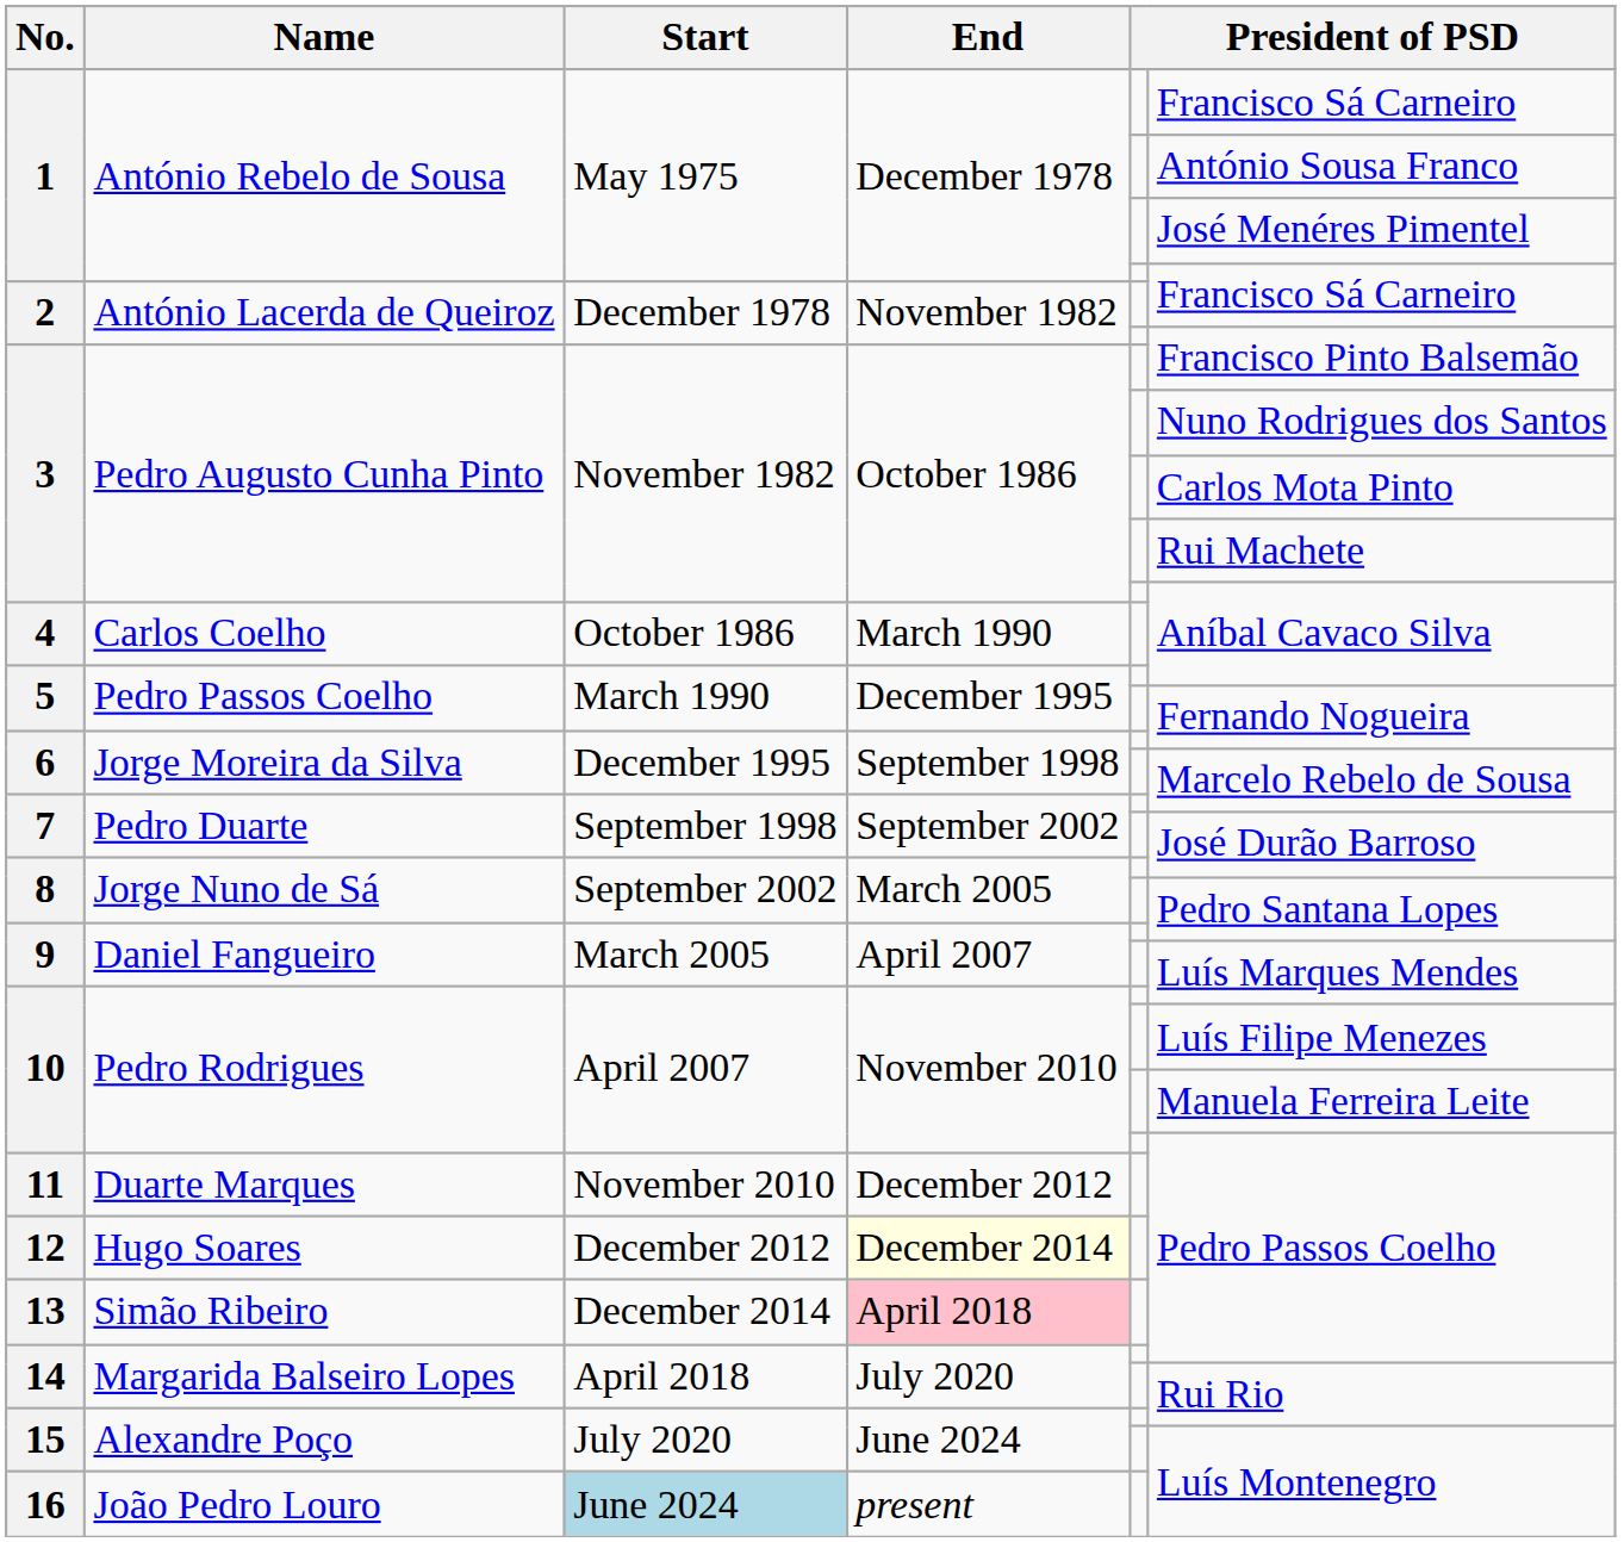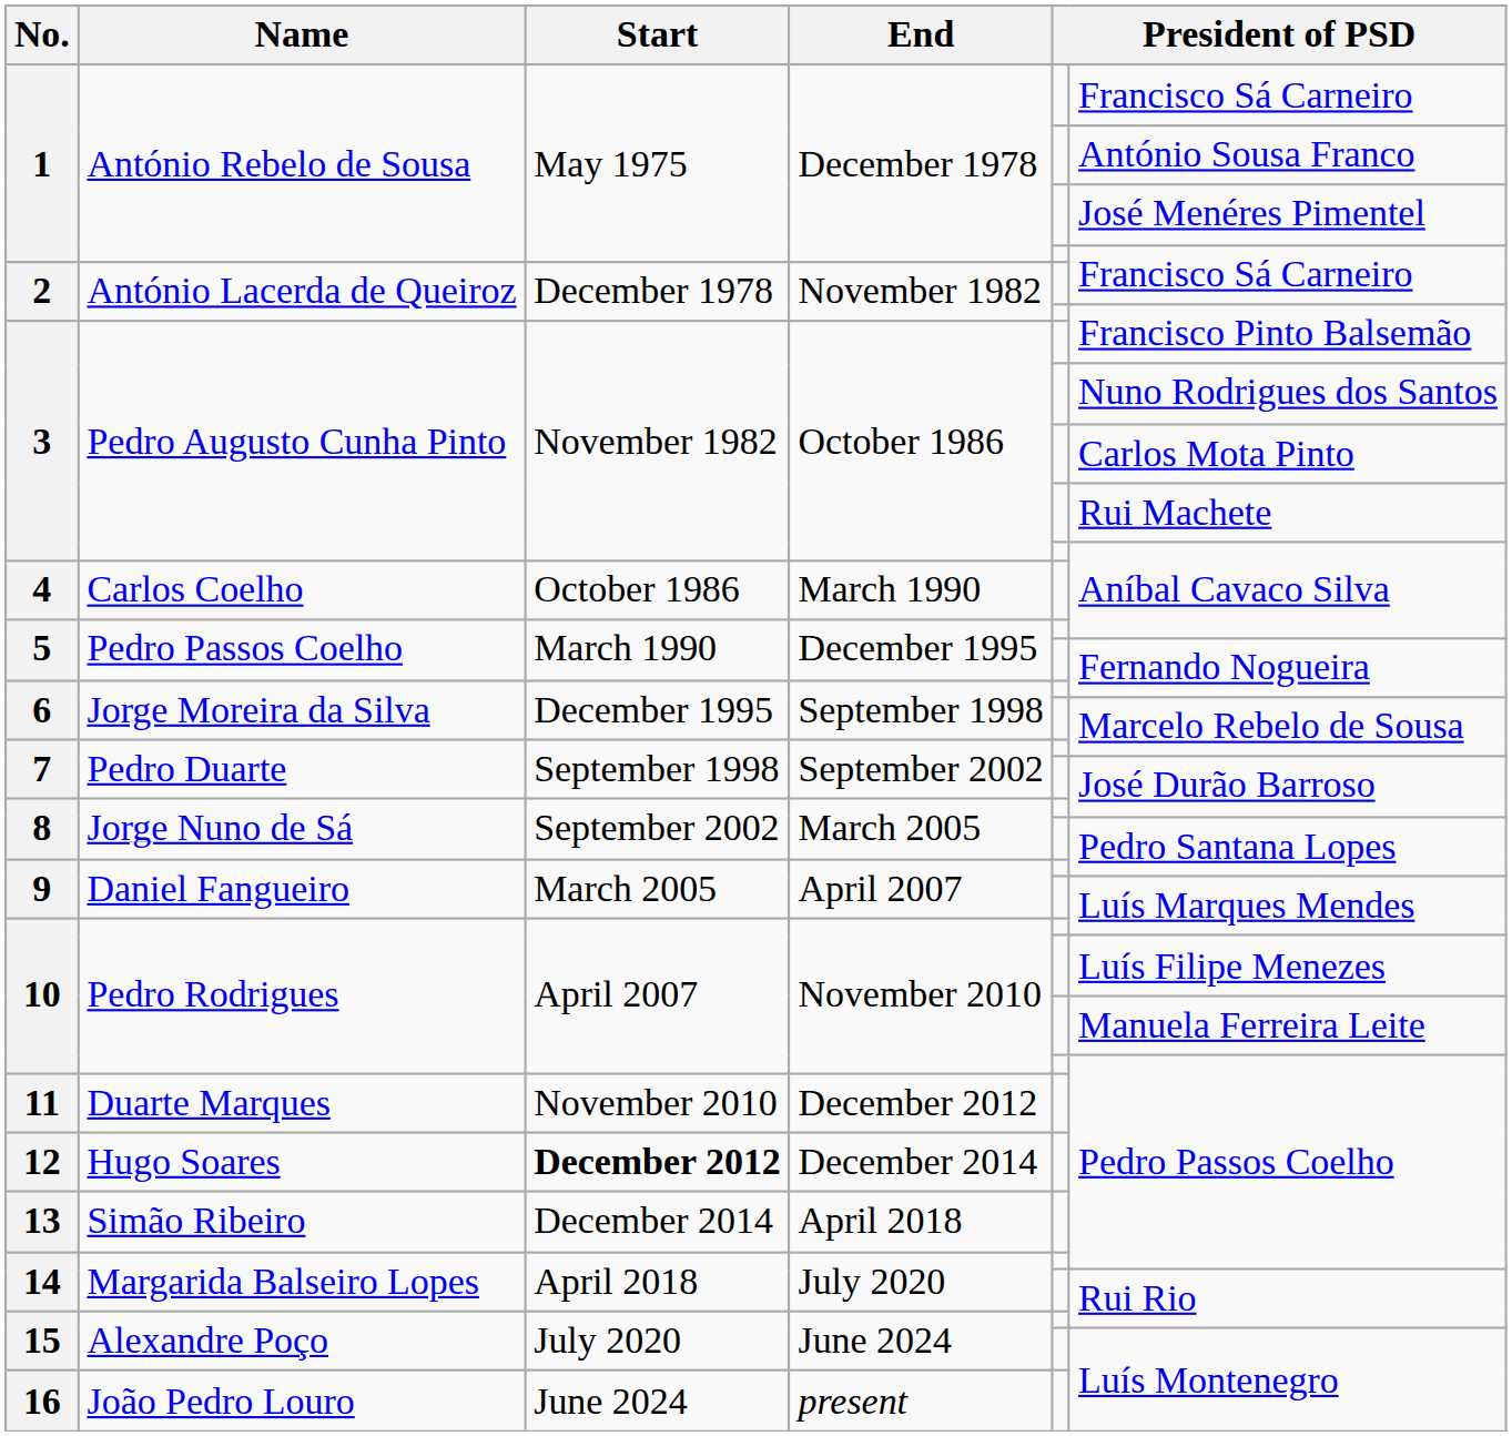 <table class="wikitable">
 <tr>
 <th>No.</th>
 <th>Name</th>
 <th>Start</th>
 <th>End</th>
 <th colspan="2">President of PSD</th>
 </tr>
 <tr>
 <th rowspan="4">1</th>
 <td rowspan="4"><a href='#'>António Rebelo de Sousa</a></td>
 <td rowspan="4">May 1975</td>
 <td rowspan="4">December 1978</td>
 <td style="background-color: "></td>
 <td><a href='#'>Francisco Sá Carneiro</a></td>
 </tr>
 <tr>
 <td style="background-color: "></td>
 <td><a href='#'>António Sousa Franco</a></td>
 </tr>
 <tr>
 <td style="background-color: "></td>
 <td><a href='#'>José Menéres Pimentel</a></td>
 </tr>
 <tr>
 <td style="background-color: "></td>
 <td rowspan="2"><a href='#'>Francisco Sá Carneiro</a></td>
 </tr>
 <tr>
 <th rowspan="2">2</th>
 <td rowspan="2"><a href='#'>António Lacerda de Queiroz</a></td>
 <td rowspan="2">December 1978</td>
 <td rowspan="2">November 1982</td>
 <td style="background-color: "></td>
 </tr>
 <tr>
 <td style="background-color: "></td>
 <td rowspan="2"><a href='#'>Francisco Pinto Balsemão</a></td>
 </tr>
 <tr>
 <th rowspan="5">3</th>
 <td rowspan="5"><a href='#'>Pedro Augusto Cunha Pinto</a></td>
 <td rowspan="5">November 1982</td>
 <td rowspan="5">October 1986</td>
 <td style="background-color: "></td>
 </tr>
 <tr>
 <td style="background-color: "></td>
 <td><a href='#'>Nuno Rodrigues dos Santos</a></td>
 </tr>
 <tr>
 <td style="background-color: "></td>
 <td><a href='#'>Carlos Mota Pinto</a></td>
 </tr>
 <tr>
 <td style="background-color: "></td>
 <td><a href='#'>Rui Machete</a></td>
 </tr>
 <tr>
 <td style="background-color: "></td>
 <td rowspan="3"><a href='#'>Aníbal Cavaco Silva</a></td>
 </tr>
 <tr>
 <th>4</th>
 <td><a href='#'>Carlos Coelho</a></td>
 <td>October 1986</td>
 <td>March 1990</td>
 <td style="background-color: "></td>
 </tr>
 <tr>
 <th rowspan="2">5</th>
 <td rowspan="2"><a href='#'>Pedro Passos Coelho</a></td>
 <td rowspan="2">March 1990</td>
 <td rowspan="2">December 1995</td>
 <td style="background-color: "></td>
 </tr>
 <tr>
 <td style="background-color: "></td>
 <td rowspan="2"><a href='#'>Fernando Nogueira</a></td>
 </tr>
 <tr>
 <th rowspan="2">6</th>
 <td rowspan="2"><a href='#'>Jorge Moreira da Silva</a></td>
 <td rowspan="2">December 1995</td>
 <td rowspan="2">September 1998</td>
 <td style="background-color: "></td>
 </tr>
 <tr>
 <td style="background-color: "></td>
 <td rowspan="2"><a href='#'>Marcelo Rebelo de Sousa</a></td>
 </tr>
 <tr>
 <th rowspan="2">7</th>
 <td rowspan="2"><a href='#'>Pedro Duarte</a></td>
 <td rowspan="2">September 1998</td>
 <td rowspan="2">September 2002</td>
 <td style="background-color: "></td>
 </tr>
 <tr>
 <td style="background-color: "></td>
 <td rowspan="2"><a href='#'>José Durão Barroso</a></td>
 </tr>
 <tr>
 <th rowspan="2">8</th>
 <td rowspan="2"><a href='#'>Jorge Nuno de Sá</a></td>
 <td rowspan="2">September 2002</td>
 <td rowspan="2">March 2005</td>
 <td style="background-color: "></td>
 </tr>
 <tr>
 <td style="background-color: "></td>
 <td rowspan="2"><a href='#'>Pedro Santana Lopes</a></td>
 </tr>
 <tr>
 <th rowspan="2">9</th>
 <td rowspan="2"><a href='#'>Daniel Fangueiro</a></td>
 <td rowspan="2">March 2005</td>
 <td rowspan="2">April 2007</td>
 <td style="background-color: "></td>
 </tr>
 <tr>
 <td style="background-color: "></td>
 <td rowspan="2"><a href='#'>Luís Marques Mendes</a></td>
 </tr>
 <tr>
 <th rowspan="4">10</th>
 <td rowspan="4"><a href='#'>Pedro Rodrigues</a></td>
 <td rowspan="4">April 2007</td>
 <td rowspan="4">November 2010</td>
 <td style="background-color: "></td>
 </tr>
 <tr>
 <td style="background-color: "></td>
 <td><a href='#'>Luís Filipe Menezes</a></td>
 </tr>
 <tr>
 <td style="background-color: "></td>
 <td><a href='#'>Manuela Ferreira Leite</a></td>
 </tr>
 <tr>
 <td style="background-color: "></td>
 <td rowspan="5"><a href='#'>Pedro Passos Coelho</a></td>
 </tr>
 <tr>
 <th>11</th>
 <td><a href='#'>Duarte Marques</a></td>
 <td>November 2010</td>
 <td>December 2012</td>
 <td style="background-color: "></td>
 </tr>
 <tr>
 <th>12</th>
 <td><a href='#'>Hugo Soares</a></td>
-<td>December 2012</td>
-<td style="background: lightyellow;">December 2014</td>
+<td><strong>December 2012</strong></td>
+<td>December 2014</td>
 <td style="background-color: "></td>
 </tr>
 <tr>
 <th>13</th>
 <td><a href='#'>Simão Ribeiro</a></td>
 <td>December 2014</td>
-<td style="background: pink;">April 2018</td>
+<td>April 2018</td>
 <td style="background-color: "></td>
 </tr>
 <tr>
 <th rowspan="2">14</th>
 <td rowspan="2"><a href='#'>Margarida Balseiro Lopes</a></td>
 <td rowspan="2">April 2018</td>
 <td rowspan="2">July 2020</td>
 <td style="background-color: "></td>
 </tr>
 <tr>
 <td style="background-color: "></td>
 <td rowspan="2"><a href='#'>Rui Rio</a></td>
 </tr>
 <tr>
 <th rowspan="2">15</th>
 <td rowspan="2"><a href='#'>Alexandre Poço</a></td>
 <td rowspan="2">July 2020</td>
 <td rowspan="2">June 2024</td>
 <td style="background-color: "></td>
 </tr>
 <tr>
 <td style="background-color: "></td>
 <td rowspan="2"><a href='#'>Luís Montenegro</a></td>
 </tr>
 <tr>
 <th>16</th>
 <td><a href='#'>João Pedro Louro</a></td>
-<td style="background: lightblue;">June 2024</td>
+<td>June 2024</td>
 <td><em>present</em></td>
 <td style="background-color: "></td>
 </tr>
 </table>
